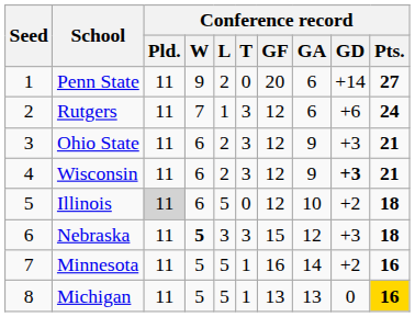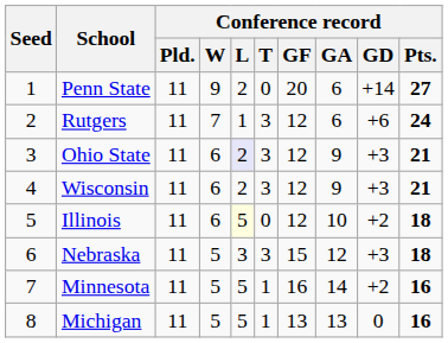 <table class="wikitable">
 <tr>
 <th rowspan="2">Seed</th>
 <th rowspan="2">School</th>
 <th colspan="8">Conference record</th>
 </tr>
 <tr>
 <th>Pld.</th>
 <th>W</th>
 <th>L</th>
 <th>T</th>
 <th>GF</th>
 <th>GA</th>
 <th>GD</th>
 <th>Pts.</th>
 </tr>
 <tr>
 <td align=center>1</td>
 <td><a href='#'>Penn State</a></td>
 <td align=center>11</td>
 <td align=center>9</td>
 <td align=center>2</td>
 <td align=center>0</td>
 <td align=center>20</td>
 <td align=center>6</td>
 <td align=center>+14</td>
 <td align=center><strong>27</strong></td>
 </tr>
 <tr>
 <td align=center>2</td>
 <td><a href='#'>Rutgers</a></td>
 <td align=center>11</td>
 <td align=center>7</td>
 <td align=center>1</td>
 <td align=center>3</td>
 <td align=center>12</td>
 <td align=center>6</td>
 <td align=center>+6</td>
 <td align=center><strong>24</strong></td>
 </tr>
 <tr>
 <td align=center>3</td>
 <td><a href='#'>Ohio State</a></td>
 <td align=center>11</td>
 <td align=center>6</td>
-<td align=center>2</td>
+<td align=center style="background: lavender;">2</td>
 <td align=center>3</td>
 <td align=center>12</td>
 <td align=center>9</td>
 <td align=center>+3</td>
 <td align=center><strong>21</strong></td>
 </tr>
 <tr>
 <td align=center>4</td>
 <td><a href='#'>Wisconsin</a></td>
 <td align=center>11</td>
 <td align=center>6</td>
 <td align=center>2</td>
 <td align=center>3</td>
 <td align=center>12</td>
 <td align=center>9</td>
-<td align=center><strong>+3</strong></td>
+<td align=center>+3</td>
 <td align=center><strong>21</strong></td>
 </tr>
 <tr>
 <td align=center>5</td>
 <td><a href='#'>Illinois</a></td>
-<td align=center style="background: lightgrey;">11</td>
+<td align=center>11</td>
 <td align=center>6</td>
-<td align=center>5</td>
+<td align=center style="background: lightyellow;">5</td>
 <td align=center>0</td>
 <td align=center>12</td>
 <td align=center>10</td>
 <td align=center>+2</td>
 <td align=center><strong>18</strong></td>
 </tr>
 <tr>
 <td align=center>6</td>
 <td><a href='#'>Nebraska</a></td>
 <td align=center>11</td>
-<td align=center><strong>5</strong></td>
+<td align=center>5</td>
 <td align=center>3</td>
 <td align=center>3</td>
 <td align=center>15</td>
 <td align=center>12</td>
 <td align=center>+3</td>
 <td align=center><strong>18</strong></td>
 </tr>
 <tr>
 <td align=center>7</td>
 <td><a href='#'>Minnesota</a></td>
 <td align=center>11</td>
 <td align=center>5</td>
 <td align=center>5</td>
 <td align=center>1</td>
 <td align=center>16</td>
 <td align=center>14</td>
 <td align=center>+2</td>
 <td align=center><strong>16</strong></td>
 </tr>
 <tr>
 <td align=center>8</td>
 <td><a href='#'>Michigan</a></td>
 <td align=center>11</td>
 <td align=center>5</td>
 <td align=center>5</td>
 <td align=center>1</td>
 <td align=center>13</td>
 <td align=center>13</td>
 <td align=center>0</td>
-<td align=center style="background: gold;"><strong>16</strong></td>
+<td align=center><strong>16</strong></td>
 </tr>
 </table>
